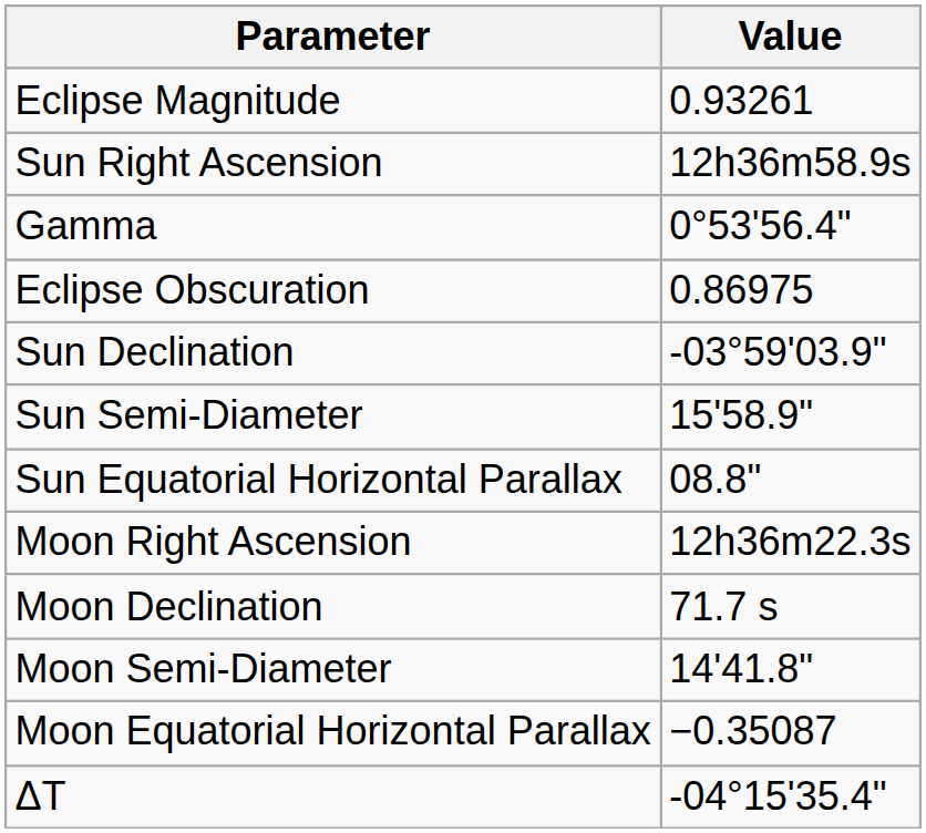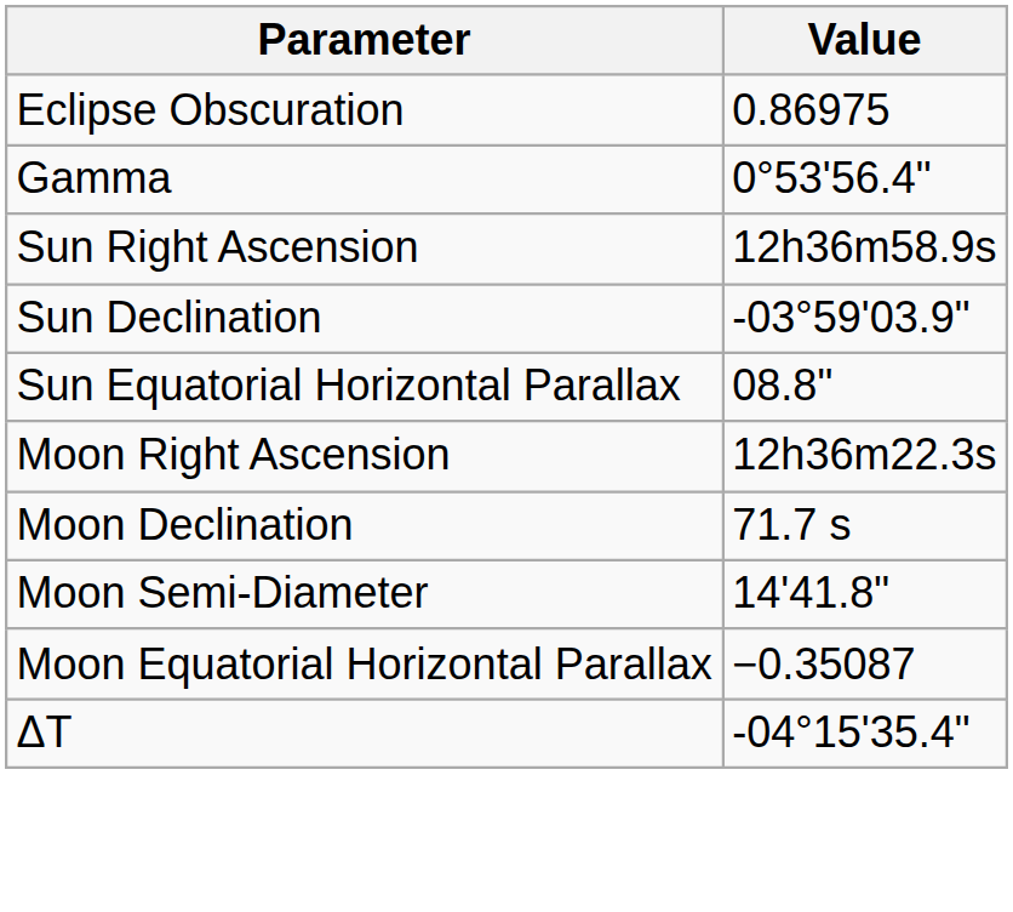 <table class="wikitable">
 <tr>
 <th>Parameter</th>
 <th>Value</th>
 </tr>
 <tr>
-<td>Eclipse Magnitude</td>
-<td>0.93261</td>
+<td>Eclipse Obscuration</td>
+<td>0.86975</td>
+</tr>
+<tr>
+<td>Gamma</td>
+<td>0°53'56.4"</td>
 </tr>
 <tr>
 <td>Sun Right Ascension</td>
 <td>12h36m58.9s</td>
 </tr>
 <tr>
-<td>Gamma</td>
-<td>0°53'56.4"</td>
-</tr>
-<tr>
-<td>Eclipse Obscuration</td>
-<td>0.86975</td>
-</tr>
-<tr>
 <td>Sun Declination</td>
 <td>-03°59'03.9"</td>
-</tr>
-<tr>
-<td>Sun Semi-Diameter</td>
-<td>15'58.9"</td>
 </tr>
 <tr>
 <td>Sun Equatorial Horizontal Parallax</td>
 <td>08.8"</td>
 </tr>
 <tr>
 <td>Moon Right Ascension</td>
 <td>12h36m22.3s</td>
 </tr>
 <tr>
 <td>Moon Declination</td>
 <td>71.7 s</td>
 </tr>
 <tr>
 <td>Moon Semi-Diameter</td>
 <td>14'41.8"</td>
 </tr>
 <tr>
 <td>Moon Equatorial Horizontal Parallax</td>
 <td>−0.35087</td>
 </tr>
 <tr>
 <td>ΔT</td>
 <td>-04°15'35.4"</td>
 </tr>
 </table>
